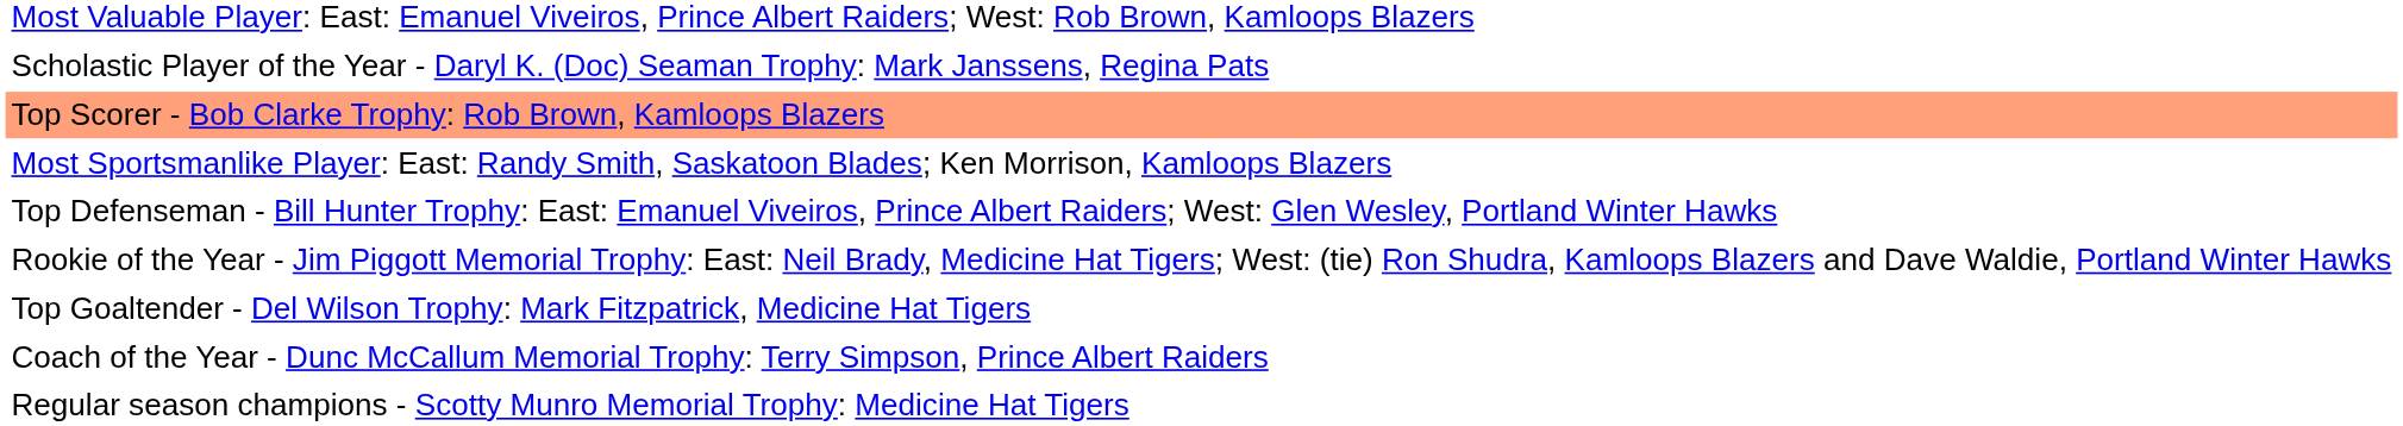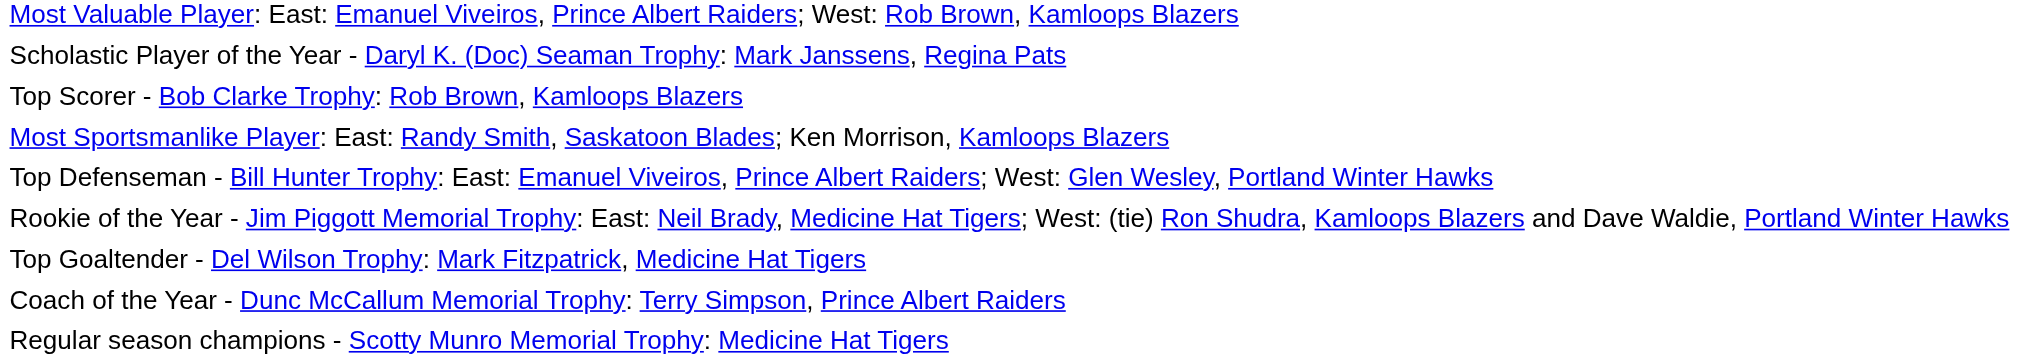 <table cellpadding="3" cellspacing="1">
 <tr>
 <td><a href='#'>Most Valuable Player</a>: East: <a href='#'>Emanuel Viveiros</a>, <a href='#'>Prince Albert Raiders</a>; West: <a href='#'>Rob Brown</a>, <a href='#'>Kamloops Blazers</a></td>
 </tr>
 <tr>
 <td>Scholastic Player of the Year - <a href='#'>Daryl K. (Doc) Seaman Trophy</a>: <a href='#'>Mark Janssens</a>, <a href='#'>Regina Pats</a></td>
 </tr>
 <tr>
-<td style="background: lightsalmon;">Top Scorer - <a href='#'>Bob Clarke Trophy</a>: <a href='#'>Rob Brown</a>, <a href='#'>Kamloops Blazers</a></td>
+<td>Top Scorer - <a href='#'>Bob Clarke Trophy</a>: <a href='#'>Rob Brown</a>, <a href='#'>Kamloops Blazers</a></td>
 </tr>
 <tr>
 <td><a href='#'>Most Sportsmanlike Player</a>: East: <a href='#'>Randy Smith</a>, <a href='#'>Saskatoon Blades</a>; Ken Morrison, <a href='#'>Kamloops Blazers</a></td>
 </tr>
 <tr>
 <td>Top Defenseman - <a href='#'>Bill Hunter Trophy</a>: East: <a href='#'>Emanuel Viveiros</a>, <a href='#'>Prince Albert Raiders</a>; West: <a href='#'>Glen Wesley</a>, <a href='#'>Portland Winter Hawks</a></td>
 </tr>
 <tr>
 <td>Rookie of the Year - <a href='#'>Jim Piggott Memorial Trophy</a>: East: <a href='#'>Neil Brady</a>, <a href='#'>Medicine Hat Tigers</a>; West:  (tie) <a href='#'>Ron Shudra</a>, <a href='#'>Kamloops Blazers</a> and Dave Waldie, <a href='#'>Portland Winter Hawks</a></td>
 </tr>
 <tr>
 <td>Top Goaltender - <a href='#'>Del Wilson Trophy</a>: <a href='#'>Mark Fitzpatrick</a>, <a href='#'>Medicine Hat Tigers</a></td>
 </tr>
 <tr>
 <td>Coach of the Year - <a href='#'>Dunc McCallum Memorial Trophy</a>: <a href='#'>Terry Simpson</a>, <a href='#'>Prince Albert Raiders</a></td>
 </tr>
 <tr>
 <td>Regular season champions - <a href='#'>Scotty Munro Memorial Trophy</a>: <a href='#'>Medicine Hat Tigers</a></td>
 </tr>
 </table>
